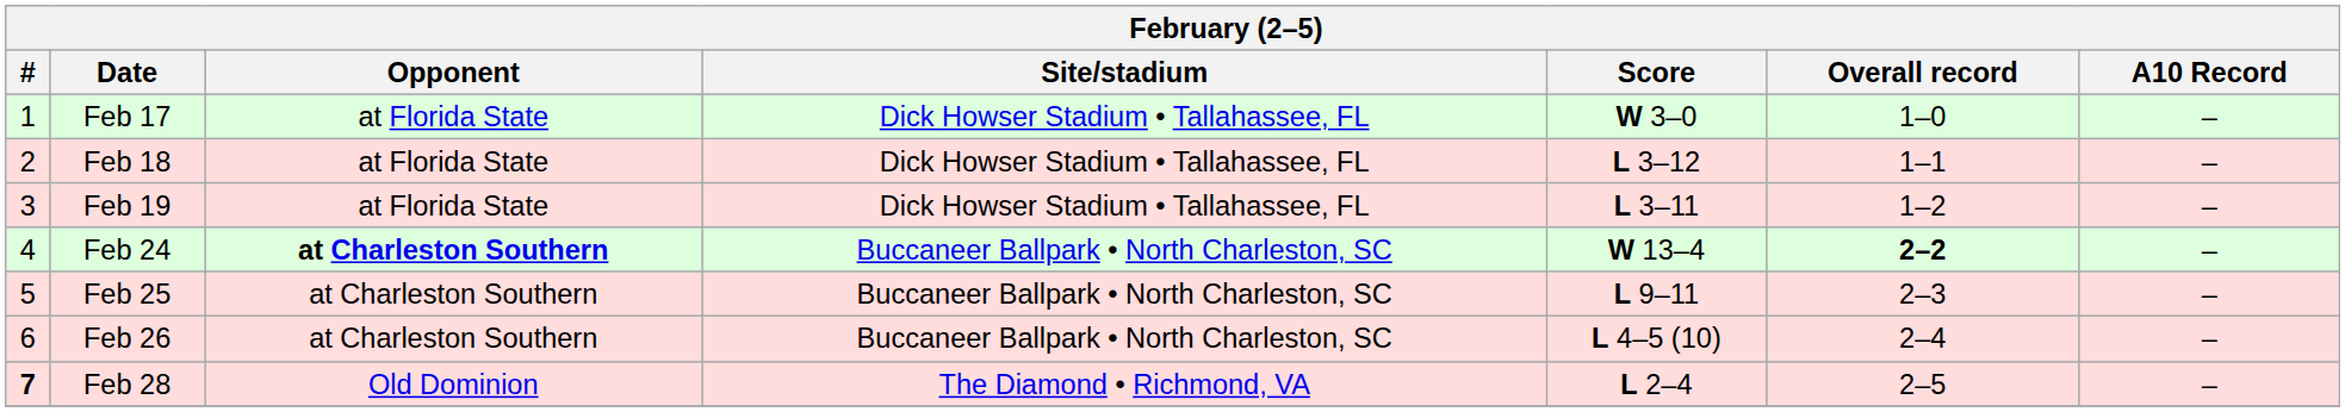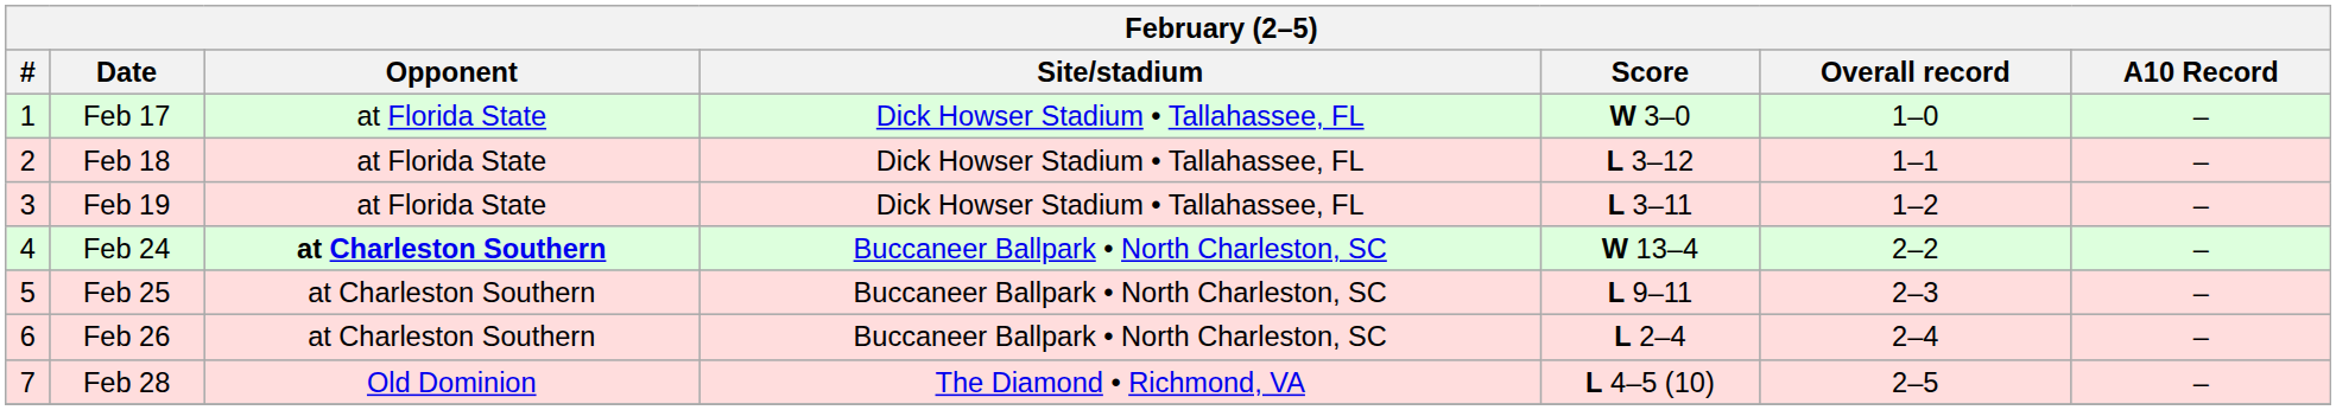 <table class="wikitable collapsible collapsed" style="margin:auto; width:100%; text-align:center; font-size:95%">
 <tr>
 <th colspan=12 style="padding-left:4em;">February (2–5)</th>
 </tr>
 <tr>
 <th>#</th>
 <th>Date</th>
 <th>Opponent</th>
 <th>Site/stadium</th>
 <th>Score</th>
 <th>Overall record</th>
 <th>A10 Record</th>
 </tr>
 <tr bgcolor="#ddffdd">
 <td>1</td>
 <td>Feb 17</td>
 <td>at <a href='#'>Florida State</a></td>
 <td><a href='#'>Dick Howser Stadium</a> • <a href='#'>Tallahassee, FL</a></td>
 <td><strong>W</strong> 3–0</td>
 <td>1–0</td>
 <td>– </td>
 </tr>
 <tr bgcolor="#ffdddd">
 <td>2</td>
 <td>Feb 18</td>
 <td>at Florida State</td>
 <td>Dick Howser Stadium • Tallahassee, FL</td>
 <td><strong>L</strong> 3–12</td>
 <td>1–1</td>
 <td>– </td>
 </tr>
 <tr bgcolor="#ffdddd">
 <td>3</td>
 <td>Feb 19</td>
 <td>at Florida State</td>
 <td>Dick Howser Stadium • Tallahassee, FL</td>
 <td><strong>L</strong> 3–11</td>
 <td>1–2</td>
 <td>– </td>
 </tr>
 <tr bgcolor="#ddffdd">
 <td>4</td>
 <td>Feb 24</td>
 <td><strong>at <a href='#'>Charleston Southern</a></strong></td>
 <td><a href='#'>Buccaneer Ballpark</a> • <a href='#'>North Charleston, SC</a></td>
 <td><strong>W</strong> 13–4</td>
-<td><strong>2–2</strong></td>
+<td>2–2</td>
 <td>– </td>
 </tr>
 <tr bgcolor="#ffdddd">
 <td>5</td>
 <td>Feb 25</td>
 <td>at Charleston Southern</td>
 <td>Buccaneer Ballpark • North Charleston, SC</td>
 <td><strong>L</strong> 9–11</td>
 <td>2–3</td>
 <td>– </td>
 </tr>
 <tr bgcolor="#ffdddd">
 <td>6</td>
 <td>Feb 26</td>
 <td>at Charleston Southern</td>
 <td>Buccaneer Ballpark • North Charleston, SC</td>
-<td><strong>L</strong> 4–5 (10)</td>
+<td><strong>L</strong> 2–4</td>
 <td>2–4</td>
 <td>– </td>
 </tr>
 <tr bgcolor="#ffdddd">
-<td><strong>7</strong></td>
+<td>7</td>
 <td>Feb 28</td>
 <td><a href='#'>Old Dominion</a><br></td>
 <td><a href='#'>The Diamond</a> • <a href='#'>Richmond, VA</a></td>
-<td><strong>L</strong> 2–4</td>
+<td><strong>L</strong> 4–5 (10)</td>
 <td>2–5</td>
 <td>– </td>
 </tr>
 <tr>
 </tr>
 </table>
